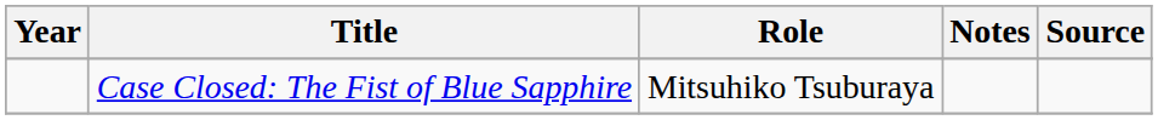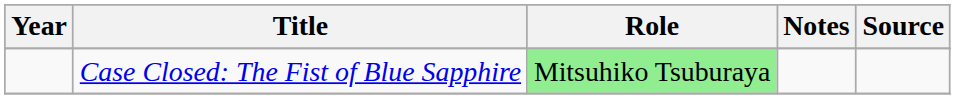 <table class="wikitable sortable">
 <tr>
 <th>Year</th>
 <th>Title</th>
 <th>Role</th>
 <th>Notes</th>
 <th>Source</th>
 </tr>
 <tr>
 </tr>
 <tr>
 <td></td>
 <td><em><a href='#'>Case Closed: The Fist of Blue Sapphire</a></em></td>
-<td>Mitsuhiko Tsuburaya</td>
+<td style="background: lightgreen;">Mitsuhiko Tsuburaya</td>
 <td></td>
 <td></td>
 </tr>
 <tr>
 </tr>
 </table>
